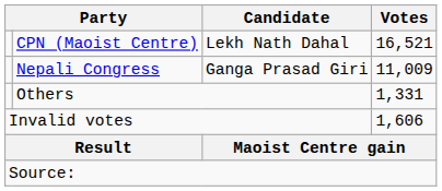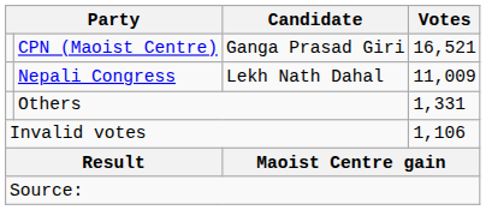 <table class="wikitable">
 <tr>
 <th colspan="2">Party</th>
 <th>Candidate</th>
 <th>Votes</th>
 </tr>
 <tr>
 <td style="background-color:"></td>
 <td><a href='#'>CPN (Maoist Centre)</a></td>
-<td>Lekh Nath Dahal</td>
+<td>Ganga Prasad Giri</td>
 <td>16,521</td>
 </tr>
 <tr>
 <td style="background-color:"></td>
 <td><a href='#'>Nepali Congress</a></td>
-<td>Ganga Prasad Giri</td>
+<td>Lekh Nath Dahal</td>
 <td>11,009</td>
 </tr>
 <tr>
 <td></td>
 <td colspan="2">Others</td>
 <td>1,331</td>
 </tr>
 <tr>
 <td colspan="3">Invalid votes</td>
-<td>1,606</td>
+<td>1,106</td>
 </tr>
 <tr>
 <th colspan="2">Result</th>
 <th colspan="2">Maoist Centre gain</th>
 </tr>
 <tr>
 <td colspan="4">Source: </td>
 </tr>
 </table>
